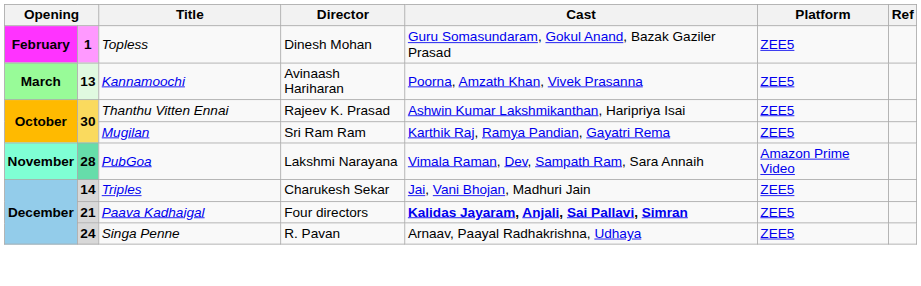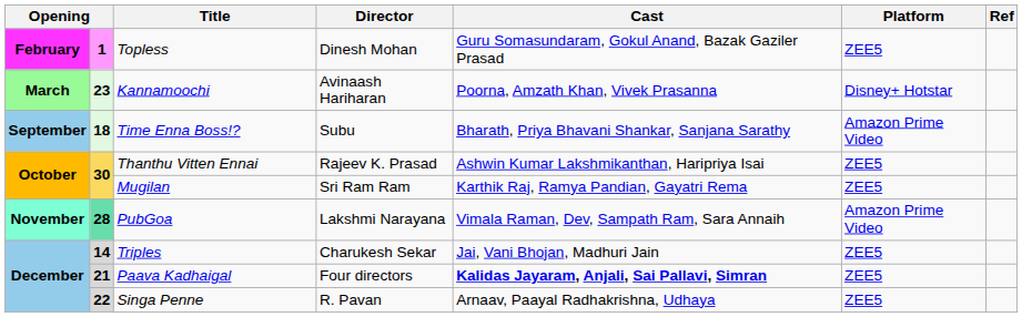 <table class="wikitable" width="85%">
 <tr>
 <th colspan="2">Opening</th>
 <th style="width:20%;">Title</th>
 <th>Director</th>
 <th>Cast</th>
 <th>Platform</th>
 <th>Ref</th>
 </tr>
 <tr>
 <td style="text-align:center; background:#f3f;"><strong>February</strong></td>
 <td style="text-align:center; background:#f9f;"><strong>1</strong></td>
 <td><em>Topless</em></td>
 <td>Dinesh Mohan</td>
 <td><a href='#'>Guru Somasundaram</a>, <a href='#'>Gokul Anand</a>, Bazak Gaziler Prasad</td>
 <td><a href='#'>ZEE5</a></td>
 <td></td>
 </tr>
 <tr>
 <td style="text-align:center; background:#98fb98; textcolor:#000;"><strong>March</strong></td>
-<td style="text-align:center; background:#e0f9e0;"><strong>13</strong></td>
+<td style="text-align:center; background:#e0f9e0;"><strong>23</strong></td>
 <td><em><a href='#'>Kannamoochi</a></em></td>
 <td>Avinaash Hariharan</td>
 <td><a href='#'>Poorna</a>, <a href='#'>Amzath Khan</a>, <a href='#'>Vivek Prasanna</a></td>
-<td><a href='#'>ZEE5</a></td>
+<td><a href='#'>Disney+ Hotstar</a></td>
+<td></td>
+</tr>
+<tr>
+<td style="text-align:center; background:#93ccea; textcolor:#000;"><strong>September</strong></td>
+<td style="text-align:center; background:#e0f9e0;"><strong>18</strong></td>
+<td><em><a href='#'>Time Enna Boss!?</a></em></td>
+<td>Subu</td>
+<td><a href='#'>Bharath</a>, <a href='#'>Priya Bhavani Shankar</a>, <a href='#'>Sanjana Sarathy</a></td>
+<td><a href='#'>Amazon Prime Video</a></td>
 <td></td>
 </tr>
 <tr>
 <td rowspan="2" style="text-align:center; background:#ffba00; textcolor:#000;"><strong>October</strong></td>
 <td rowspan="2" style="text-align:center;background:#FADA5E;"><strong>30</strong></td>
 <td><em>Thanthu Vitten Ennai</em></td>
 <td>Rajeev K. Prasad</td>
 <td><a href='#'>Ashwin Kumar Lakshmikanthan</a>, Haripriya Isai</td>
 <td><a href='#'>ZEE5</a></td>
 <td></td>
 </tr>
 <tr>
 <td><em><a href='#'>Mugilan</a></em></td>
 <td>Sri Ram Ram</td>
 <td><a href='#'>Karthik Raj</a>, <a href='#'>Ramya Pandian</a>, <a href='#'>Gayatri Rema</a></td>
 <td><a href='#'>ZEE5</a></td>
 <td></td>
 </tr>
 <tr>
 <td style="text-align:center; background:#7fffd4; textcolor:#000;"><strong>November</strong></td>
 <td style="text-align:center; background:#6da;"><strong>28</strong></td>
 <td><em><a href='#'>PubGoa</a></em></td>
 <td>Lakshmi Narayana</td>
 <td><a href='#'>Vimala Raman</a>, <a href='#'>Dev</a>, <a href='#'>Sampath Ram</a>, Sara Annaih</td>
 <td><a href='#'>Amazon Prime Video</a></td>
 <td></td>
 </tr>
 <tr>
 <td rowspan="3" style="text-align:center; background:#93CCEA;"><strong>December</strong></td>
 <td style="text-align:center; background:#6da; background:#d8d8d8;"><strong>14</strong></td>
 <td><em><a href='#'>Triples</a></em></td>
 <td>Charukesh Sekar</td>
 <td><a href='#'>Jai</a>, <a href='#'>Vani Bhojan</a>, Madhuri Jain</td>
 <td><a href='#'>ZEE5</a></td>
 <td></td>
 </tr>
 <tr>
 <td style="text-align:center; background:#6da; background:#d8d8d8;"><strong>21</strong></td>
 <td><em><a href='#'>Paava Kadhaigal</a></em></td>
 <td>Four directors</td>
 <td><strong><a href='#'>Kalidas Jayaram</a>, <a href='#'>Anjali</a>, <a href='#'>Sai Pallavi</a>, <a href='#'>Simran</a></strong></td>
 <td><a href='#'>ZEE5</a></td>
 <td></td>
 </tr>
 <tr>
-<td style="text-align:center; background:#6da; background:#d8d8d8;"><strong>24</strong></td>
+<td style="text-align:center; background:#6da; background:#d8d8d8;"><strong>22</strong></td>
 <td><em>Singa Penne</em></td>
 <td>R. Pavan</td>
 <td>Arnaav, Paayal Radhakrishna, <a href='#'>Udhaya</a></td>
 <td><a href='#'>ZEE5</a></td>
 <td></td>
 </tr>
 </table>
